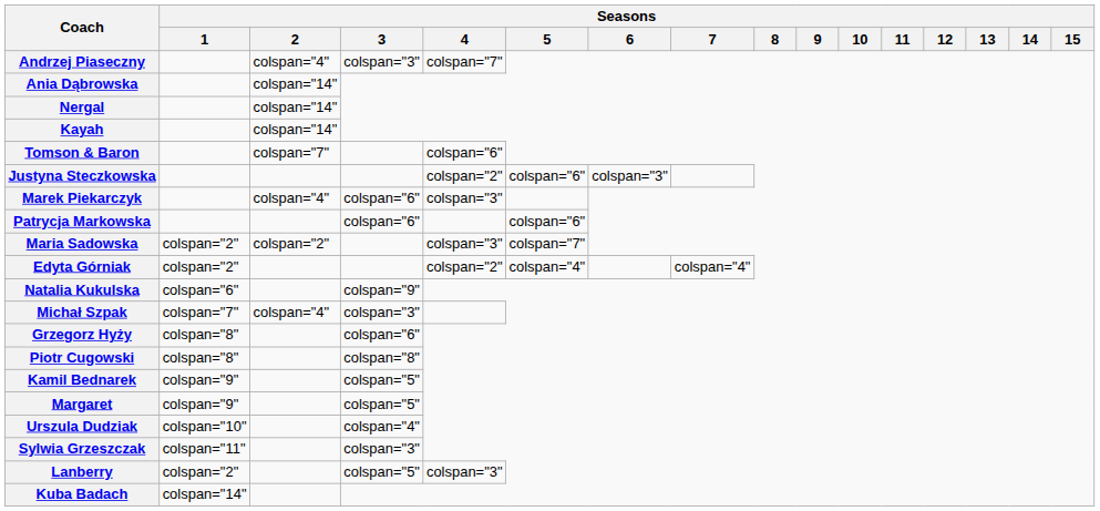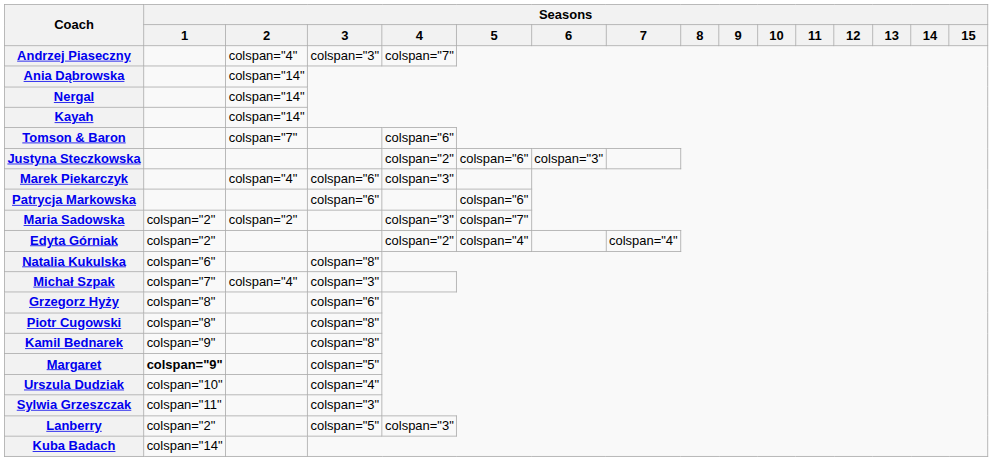 <table class="wikitable nowrap">
 <tr>
 <th rowspan="2">Coach</th>
 <th colspan="15">Seasons</th>
 </tr>
 <tr>
 <th width="40">1</th>
 <th width="40">2</th>
 <th width="40">3</th>
 <th width="40">4</th>
 <th width="40">5</th>
 <th width="40">6</th>
 <th width="40">7</th>
 <th width="40">8</th>
 <th width="40">9</th>
 <th width="40">10</th>
 <th width="40">11</th>
 <th width="40">12</th>
 <th width="40">13</th>
 <th width="40">14</th>
 <th width="40">15</th>
 </tr>
 <tr>
 <th scope="row"><a href='#'>Andrzej Piaseczny</a></th>
 <td></td>
 <td>colspan="4" </td>
 <td>colspan="3" </td>
 <td>colspan="7" </td>
 </tr>
 <tr>
 <th scope="row"><a href='#'>Ania Dąbrowska</a></th>
 <td></td>
 <td>colspan="14" </td>
 </tr>
 <tr>
 <th scope="row"><a href='#'>Nergal</a></th>
 <td></td>
 <td>colspan="14" </td>
 </tr>
 <tr>
 <th scope="row"><a href='#'>Kayah</a></th>
 <td></td>
 <td>colspan="14" </td>
 </tr>
 <tr>
 <th scope="row"><a href='#'>Tomson & Baron</a></th>
 <td></td>
 <td>colspan="7" </td>
 <td></td>
 <td>colspan="6" </td>
 </tr>
 <tr>
 <th scope="row"><a href='#'>Justyna Steczkowska</a></th>
 <td></td>
 <td></td>
 <td></td>
 <td>colspan="2" </td>
 <td>colspan="6" </td>
 <td>colspan="3" </td>
 <td></td>
 </tr>
 <tr>
 <th scope="row"><a href='#'>Marek Piekarczyk</a></th>
 <td></td>
 <td>colspan="4" </td>
 <td>colspan="6" </td>
 <td>colspan="3" </td>
 <td></td>
 </tr>
 <tr>
 <th scope="row"><a href='#'>Patrycja Markowska</a></th>
 <td></td>
 <td></td>
 <td>colspan="6" </td>
 <td></td>
 <td>colspan="6" </td>
 </tr>
 <tr>
 <th scope="row"><a href='#'>Maria Sadowska</a></th>
 <td>colspan="2" </td>
 <td>colspan="2" </td>
 <td></td>
 <td>colspan="3" </td>
 <td>colspan="7" </td>
 </tr>
 <tr>
 <th scope="row"><a href='#'>Edyta Górniak</a></th>
 <td>colspan="2" </td>
 <td></td>
 <td></td>
 <td>colspan="2" </td>
 <td>colspan="4" </td>
 <td></td>
 <td>colspan="4" </td>
 </tr>
 <tr>
 <th scope="row"><a href='#'>Natalia Kukulska</a></th>
 <td>colspan="6" </td>
 <td></td>
-<td>colspan="9" </td>
+<td>colspan="8" </td>
 </tr>
 <tr>
 <th scope="row"><a href='#'>Michał Szpak</a></th>
 <td>colspan="7" </td>
 <td>colspan="4" </td>
 <td>colspan="3" </td>
 <td></td>
 </tr>
 <tr>
 <th scope="row"><a href='#'>Grzegorz Hyży</a></th>
 <td>colspan="8" </td>
 <td></td>
 <td>colspan="6" </td>
 </tr>
 <tr>
 <th scope="row"><a href='#'>Piotr Cugowski</a></th>
 <td>colspan="8" </td>
 <td></td>
 <td>colspan="8" </td>
 </tr>
 <tr>
 <th scope="row"><a href='#'>Kamil Bednarek</a></th>
 <td>colspan="9" </td>
 <td></td>
-<td>colspan="5" </td>
+<td>colspan="8" </td>
 </tr>
 <tr>
 <th scope="row"><a href='#'>Margaret</a></th>
-<td>colspan="9" </td>
+<td><strong>colspan="9" </strong></td>
 <td></td>
 <td>colspan="5" </td>
 </tr>
 <tr>
 <th scope="row"><a href='#'>Urszula Dudziak</a></th>
 <td>colspan="10" </td>
 <td></td>
 <td>colspan="4" </td>
 </tr>
 <tr>
 <th scope="row"><a href='#'>Sylwia Grzeszczak</a></th>
 <td>colspan="11" </td>
 <td></td>
 <td>colspan="3" </td>
 </tr>
 <tr>
 <th scope="row"><a href='#'>Lanberry</a></th>
 <td>colspan="2" </td>
 <td></td>
 <td>colspan="5" </td>
 <td>colspan="3" </td>
 </tr>
 <tr>
 <th scope="row"><a href='#'>Kuba Badach</a></th>
 <td>colspan="14" </td>
 <td></td>
 </tr>
 </table>
